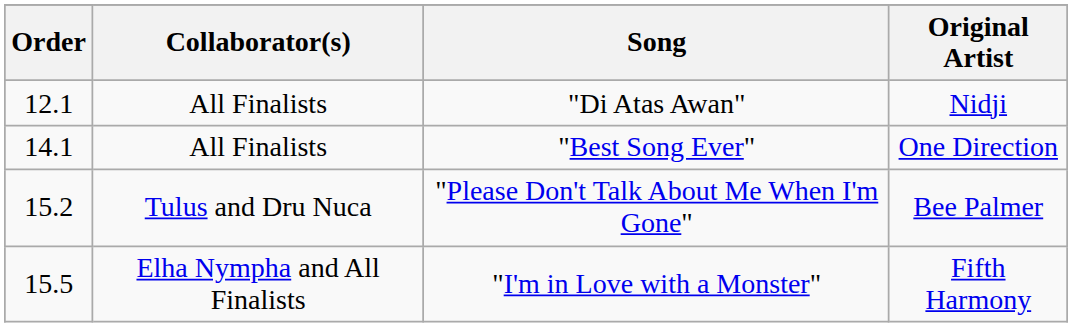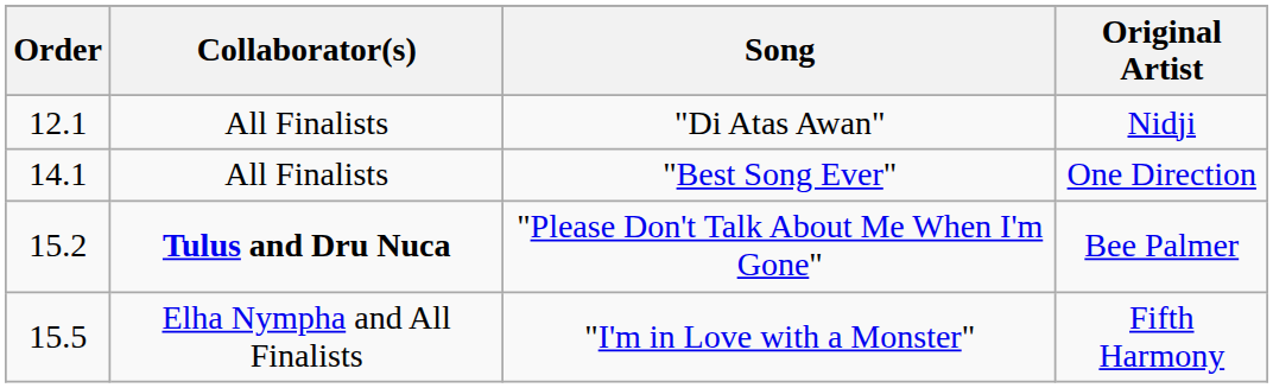 <table class="wikitable" style="text-align:center;">
 <tr>
 </tr>
 <tr>
 <th>Order</th>
 <th>Collaborator(s)</th>
 <th>Song</th>
 <th>Original Artist</th>
 </tr>
 <tr>
 <td>12.1</td>
 <td>All Finalists</td>
 <td>"Di Atas Awan"</td>
 <td><a href='#'>Nidji</a></td>
 </tr>
 <tr>
 <td>14.1</td>
 <td>All Finalists</td>
 <td>"<a href='#'>Best Song Ever</a>"</td>
 <td><a href='#'>One Direction</a></td>
 </tr>
 <tr>
 <td>15.2</td>
-<td><a href='#'>Tulus</a> and Dru Nuca</td>
+<td><strong><a href='#'>Tulus</a> and Dru Nuca</strong></td>
 <td>"<a href='#'>Please Don't Talk About Me When I'm Gone</a>"</td>
 <td><a href='#'>Bee Palmer</a></td>
 </tr>
 <tr>
 <td>15.5</td>
 <td><a href='#'>Elha Nympha</a> and All Finalists</td>
 <td>"<a href='#'>I'm in Love with a Monster</a>"</td>
 <td><a href='#'>Fifth Harmony</a></td>
 </tr>
 </table>
